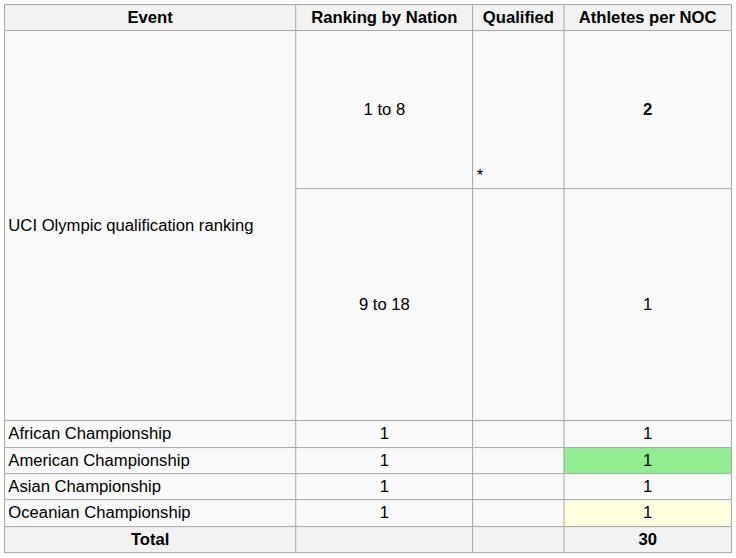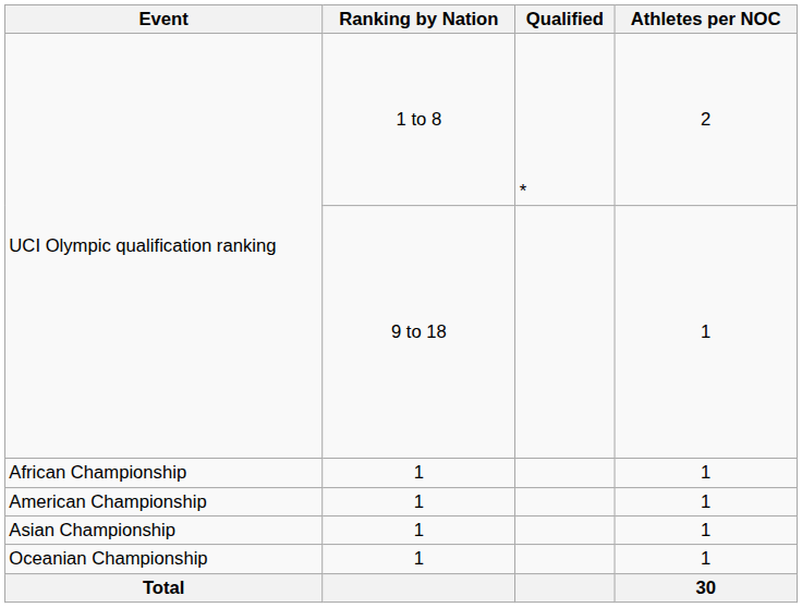 <table class="wikitable"  style="width:700px; text-align:center;">
 <tr>
 <th>Event</th>
 <th>Ranking by Nation</th>
 <th>Qualified</th>
 <th>Athletes per NOC</th>
 </tr>
 <tr>
 <td rowspan="2" style="text-align:left;">UCI Olympic qualification ranking</td>
 <td>1 to 8</td>
 <td align="left"><br><br><br><br><br><br><br>*<br></td>
-<td><strong>2</strong></td>
+<td>2</td>
 </tr>
 <tr>
 <td>9 to 18</td>
 <td align="left"><br><br><br><br><s></s><br><br><br><br><br><s></s><br><br><br></td>
 <td>1</td>
 </tr>
 <tr>
 <td align="left">African Championship</td>
 <td>1</td>
 <td align="left"></td>
 <td>1</td>
 </tr>
 <tr>
 <td align="left">American Championship</td>
 <td>1</td>
 <td align="left"></td>
-<td style="background: lightgreen;">1</td>
+<td>1</td>
 </tr>
 <tr>
 <td align="left">Asian Championship</td>
 <td>1</td>
 <td align="left"></td>
 <td>1</td>
 </tr>
 <tr>
 <td align="left">Oceanian Championship</td>
 <td>1</td>
 <td align="left"></td>
-<td style="background: lightyellow;">1</td>
+<td>1</td>
 </tr>
 <tr>
 <th>Total</th>
 <th></th>
 <th></th>
 <th>30</th>
 </tr>
 </table>
